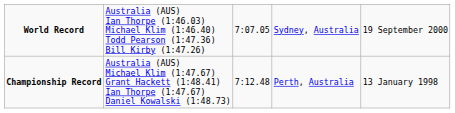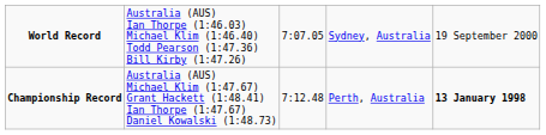 <table class="wikitable" border="1" align="center">
 <tr>
 <td align="center"><strong>World Record</strong></td>
 <td> <a href='#'>Australia</a> (AUS)<br><a href='#'>Ian Thorpe</a> (1:46.03)<br><a href='#'>Michael Klim</a> (1:46.40)<br><a href='#'>Todd Pearson</a> (1:47.36)<br><a href='#'>Bill Kirby</a> (1:47.26)</td>
 <td>7:07.05</td>
 <td><a href='#'>Sydney</a>, <a href='#'>Australia</a></td>
 <td>19 September 2000</td>
 </tr>
 <tr>
 <td align="center"><strong>Championship Record</strong></td>
 <td> <a href='#'>Australia</a> (AUS) <br><a href='#'>Michael Klim</a> (1:47.67)<br><a href='#'>Grant Hackett</a> (1:48.41)<br><a href='#'>Ian Thorpe</a> (1:47.67)<br><a href='#'>Daniel Kowalski</a> (1:48.73)</td>
 <td>7:12.48</td>
 <td><a href='#'>Perth</a>, <a href='#'>Australia</a></td>
-<td>13 January 1998</td>
+<td><strong>13 January 1998</strong></td>
 </tr>
 </table>
